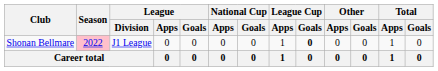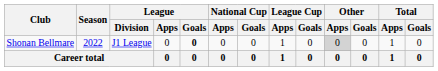 <table class="wikitable" style="text-align: center">
 <tr>
 <th rowspan="2">Club</th>
 <th rowspan="2">Season</th>
 <th colspan="3">League</th>
 <th colspan="2">National Cup</th>
 <th colspan="2">League Cup</th>
 <th colspan="2">Other</th>
 <th colspan="2">Total</th>
 </tr>
 <tr>
 <th>Division</th>
 <th>Apps</th>
 <th>Goals</th>
 <th>Apps</th>
 <th>Goals</th>
 <th>Apps</th>
 <th>Goals</th>
 <th>Apps</th>
 <th>Goals</th>
 <th>Apps</th>
 <th>Goals</th>
 </tr>
 <tr>
 <td><a href='#'>Shonan Bellmare</a></td>
-<td style="background: pink;"><a href='#'>2022</a></td>
+<td><a href='#'>2022</a></td>
 <td><a href='#'>J1 League</a></td>
 <td>0</td>
-<td>0</td>
+<td><strong>0</strong></td>
 <td>0</td>
 <td>0</td>
 <td>1</td>
-<td><strong>0</strong></td>
 <td>0</td>
+<td style="background: lightgrey;">0</td>
 <td>0</td>
 <td>1</td>
 <td>0</td>
 </tr>
 <tr>
 <th colspan=3>Career total</th>
 <th>0</th>
 <th>0</th>
 <th>0</th>
 <th>0</th>
 <th>1</th>
 <th>0</th>
 <th>0</th>
 <th>0</th>
 <th>1</th>
 <th>0</th>
 </tr>
 </table>
